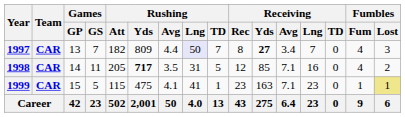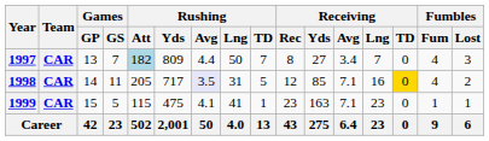 <table class="wikitable" style="text-align: center;">
 <tr>
 <th rowspan="2">Year</th>
 <th rowspan="2">Team</th>
 <th colspan="2">Games</th>
 <th colspan="5">Rushing</th>
 <th colspan="5">Receiving</th>
 <th colspan="2">Fumbles</th>
 </tr>
 <tr>
 <th>GP</th>
 <th>GS</th>
 <th>Att</th>
 <th>Yds</th>
 <th>Avg</th>
 <th>Lng</th>
 <th>TD</th>
 <th>Rec</th>
 <th>Yds</th>
 <th>Avg</th>
 <th>Lng</th>
 <th>TD</th>
 <th>Fum</th>
 <th>Lost</th>
 </tr>
 <tr>
 <th><a href='#'>1997</a></th>
 <th><a href='#'>CAR</a></th>
 <td>13</td>
 <td>7</td>
-<td>182</td>
+<td style="background: lightblue;">182</td>
 <td>809</td>
 <td>4.4</td>
-<td style="background: lavender;">50</td>
+<td>50</td>
 <td>7</td>
 <td>8</td>
-<td><strong>27</strong></td>
+<td>27</td>
 <td>3.4</td>
 <td>7</td>
 <td>0</td>
 <td>4</td>
 <td>3</td>
 </tr>
 <tr>
 <th><a href='#'>1998</a></th>
 <th><a href='#'>CAR</a></th>
 <td>14</td>
 <td>11</td>
 <td>205</td>
-<td><strong>717</strong></td>
-<td>3.5</td>
+<td>717</td>
+<td style="background: lavender;">3.5</td>
 <td>31</td>
 <td>5</td>
 <td>12</td>
 <td>85</td>
 <td>7.1</td>
 <td>16</td>
-<td>0</td>
+<td style="background: gold;">0</td>
 <td>4</td>
 <td>2</td>
 </tr>
 <tr>
 <th><a href='#'>1999</a></th>
 <th><a href='#'>CAR</a></th>
 <td>15</td>
 <td>5</td>
 <td>115</td>
 <td>475</td>
 <td>4.1</td>
 <td>41</td>
 <td>1</td>
 <td>23</td>
 <td>163</td>
 <td>7.1</td>
 <td>23</td>
 <td>0</td>
 <td>1</td>
-<td style="background: khaki;">1</td>
+<td>1</td>
 </tr>
 <tr>
 <th colspan="2">Career</th>
 <th>42</th>
 <th>23</th>
 <th>502</th>
 <th>2,001</th>
 <th>50</th>
 <th>4.0</th>
 <th>13</th>
 <th>43</th>
 <th>275</th>
 <th>6.4</th>
 <th>23</th>
 <th>0</th>
 <th>9</th>
 <th>6</th>
 </tr>
 </table>
